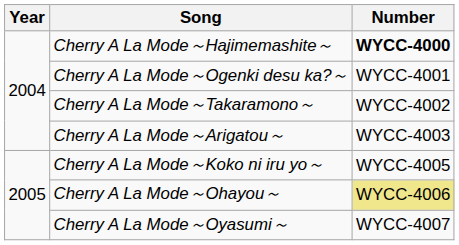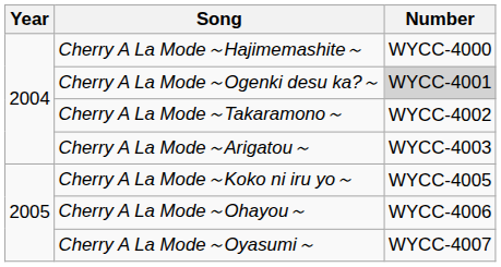 <table class="wikitable sortable">
 <tr>
 <th>Year</th>
 <th>Song</th>
 <th>Number</th>
 </tr>
 <tr>
 <td rowspan="4">2004</td>
 <td><em>Cherry A La Mode～Hajimemashite～</em></td>
-<td><strong>WYCC-4000</strong></td>
+<td>WYCC-4000</td>
 </tr>
 <tr>
 <td><em>Cherry A La Mode～Ogenki desu ka?～</em></td>
-<td>WYCC-4001</td>
+<td style="background: lightgrey;">WYCC-4001</td>
 </tr>
 <tr>
 <td><em>Cherry A La Mode～Takaramono～</em></td>
 <td>WYCC-4002</td>
 </tr>
 <tr>
 <td><em>Cherry A La Mode～Arigatou～</em></td>
 <td>WYCC-4003</td>
 </tr>
 <tr>
 <td rowspan="3">2005</td>
 <td><em>Cherry A La Mode～Koko ni iru yo～</em></td>
 <td>WYCC-4005</td>
 </tr>
 <tr>
 <td><em>Cherry A La Mode～Ohayou～</em></td>
-<td style="background: khaki;">WYCC-4006</td>
+<td>WYCC-4006</td>
 </tr>
 <tr>
 <td><em>Cherry A La Mode～Oyasumi～</em></td>
 <td>WYCC-4007</td>
 </tr>
 </table>
